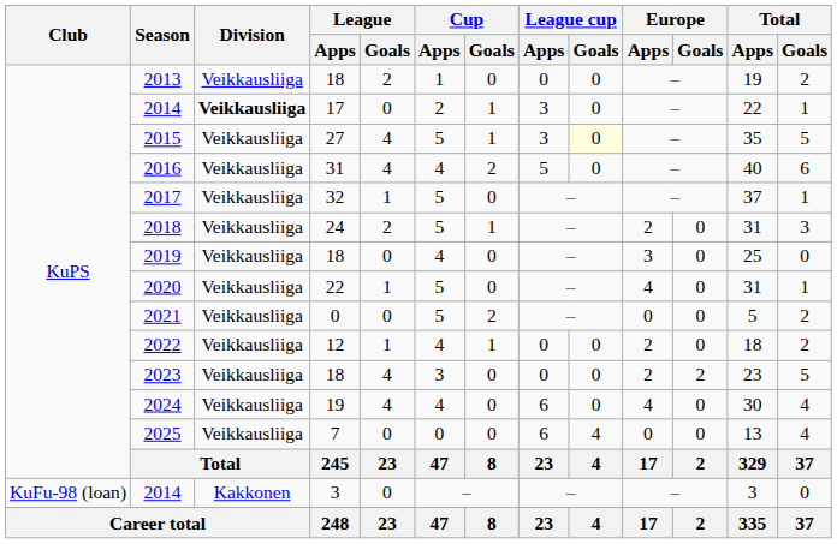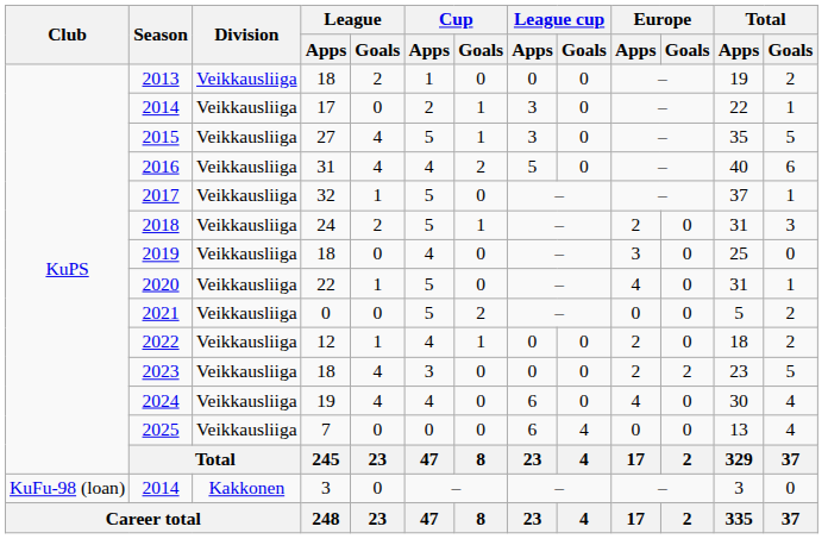 <table class="wikitable" style="text-align:center">
 <tr>
 <th rowspan="2">Club</th>
 <th rowspan="2">Season</th>
 <th rowspan="2">Division</th>
 <th colspan="2">League</th>
 <th colspan="2"><a href='#'>Cup</a></th>
 <th colspan="2"><a href='#'>League cup</a></th>
 <th colspan="2">Europe</th>
 <th colspan="2">Total</th>
 </tr>
 <tr>
 <th>Apps</th>
 <th>Goals</th>
 <th>Apps</th>
 <th>Goals</th>
 <th>Apps</th>
 <th>Goals</th>
 <th>Apps</th>
 <th>Goals</th>
 <th>Apps</th>
 <th>Goals</th>
 </tr>
 <tr>
 <td rowspan="14"><a href='#'>KuPS</a></td>
 <td><a href='#'>2013</a></td>
 <td><a href='#'>Veikkausliiga</a></td>
 <td>18</td>
 <td>2</td>
 <td>1</td>
 <td>0</td>
 <td>0</td>
 <td>0</td>
 <td colspan="2">–</td>
 <td>19</td>
 <td>2</td>
 </tr>
 <tr>
 <td><a href='#'>2014</a></td>
-<td><strong>Veikkausliiga</strong></td>
+<td>Veikkausliiga</td>
 <td>17</td>
 <td>0</td>
 <td>2</td>
 <td>1</td>
 <td>3</td>
 <td>0</td>
 <td colspan="2">–</td>
 <td>22</td>
 <td>1</td>
 </tr>
 <tr>
 <td><a href='#'>2015</a></td>
 <td>Veikkausliiga</td>
 <td>27</td>
 <td>4</td>
 <td>5</td>
 <td>1</td>
 <td>3</td>
-<td style="background: lightyellow;">0</td>
+<td>0</td>
 <td colspan="2">–</td>
 <td>35</td>
 <td>5</td>
 </tr>
 <tr>
 <td><a href='#'>2016</a></td>
 <td>Veikkausliiga</td>
 <td>31</td>
 <td>4</td>
 <td>4</td>
 <td>2</td>
 <td>5</td>
 <td>0</td>
 <td colspan="2">–</td>
 <td>40</td>
 <td>6</td>
 </tr>
 <tr>
 <td><a href='#'>2017</a></td>
 <td>Veikkausliiga</td>
 <td>32</td>
 <td>1</td>
 <td>5</td>
 <td>0</td>
 <td colspan="2">–</td>
 <td colspan="2">–</td>
 <td>37</td>
 <td>1</td>
 </tr>
 <tr>
 <td><a href='#'>2018</a></td>
 <td>Veikkausliiga</td>
 <td>24</td>
 <td>2</td>
 <td>5</td>
 <td>1</td>
 <td colspan="2">–</td>
 <td>2</td>
 <td>0</td>
 <td>31</td>
 <td>3</td>
 </tr>
 <tr>
 <td><a href='#'>2019</a></td>
 <td>Veikkausliiga</td>
 <td>18</td>
 <td>0</td>
 <td>4</td>
 <td>0</td>
 <td colspan="2">–</td>
 <td>3</td>
 <td>0</td>
 <td>25</td>
 <td>0</td>
 </tr>
 <tr>
 <td><a href='#'>2020</a></td>
 <td>Veikkausliiga</td>
 <td>22</td>
 <td>1</td>
 <td>5</td>
 <td>0</td>
 <td colspan="2">–</td>
 <td>4</td>
 <td>0</td>
 <td>31</td>
 <td>1</td>
 </tr>
 <tr>
 <td><a href='#'>2021</a></td>
 <td>Veikkausliiga</td>
 <td>0</td>
 <td>0</td>
 <td>5</td>
 <td>2</td>
 <td colspan="2">–</td>
 <td>0</td>
 <td>0</td>
 <td>5</td>
 <td>2</td>
 </tr>
 <tr>
 <td><a href='#'>2022</a></td>
 <td>Veikkausliiga</td>
 <td>12</td>
 <td>1</td>
 <td>4</td>
 <td>1</td>
 <td>0</td>
 <td>0</td>
 <td>2</td>
 <td>0</td>
 <td>18</td>
 <td>2</td>
 </tr>
 <tr>
 <td><a href='#'>2023</a></td>
 <td>Veikkausliiga</td>
 <td>18</td>
 <td>4</td>
 <td>3</td>
 <td>0</td>
 <td>0</td>
 <td>0</td>
 <td>2</td>
 <td>2</td>
 <td>23</td>
 <td>5</td>
 </tr>
 <tr>
 <td><a href='#'>2024</a></td>
 <td>Veikkausliiga</td>
 <td>19</td>
 <td>4</td>
 <td>4</td>
 <td>0</td>
 <td>6</td>
 <td>0</td>
 <td>4</td>
 <td>0</td>
 <td>30</td>
 <td>4</td>
 </tr>
 <tr>
 <td><a href='#'>2025</a></td>
 <td>Veikkausliiga</td>
 <td>7</td>
 <td>0</td>
 <td>0</td>
 <td>0</td>
 <td>6</td>
 <td>4</td>
 <td>0</td>
 <td>0</td>
 <td>13</td>
 <td>4</td>
 </tr>
 <tr>
 <th colspan="2">Total</th>
 <th>245</th>
 <th>23</th>
 <th>47</th>
 <th>8</th>
 <th>23</th>
 <th>4</th>
 <th>17</th>
 <th>2</th>
 <th>329</th>
 <th>37</th>
 </tr>
 <tr>
 <td><a href='#'>KuFu-98</a> (loan)</td>
 <td><a href='#'>2014</a></td>
 <td><a href='#'>Kakkonen</a></td>
 <td>3</td>
 <td>0</td>
 <td colspan="2">–</td>
 <td colspan="2">–</td>
 <td colspan="2">–</td>
 <td>3</td>
 <td>0</td>
 </tr>
 <tr>
 <th colspan="3">Career total</th>
 <th>248</th>
 <th>23</th>
 <th>47</th>
 <th>8</th>
 <th>23</th>
 <th>4</th>
 <th>17</th>
 <th>2</th>
 <th>335</th>
 <th>37</th>
 </tr>
 </table>
